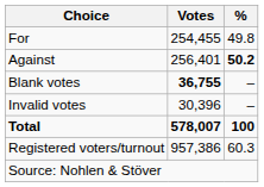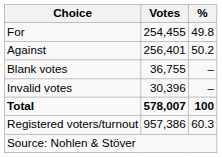 <table class=wikitable style=text-align:right>
 <tr>
 <th>Choice</th>
 <th>Votes</th>
 <th>%</th>
 </tr>
 <tr>
 <td align=left>For</td>
 <td>254,455</td>
 <td>49.8</td>
 </tr>
 <tr>
 <td align=left>Against</td>
 <td>256,401</td>
-<td><strong>50.2</strong></td>
+<td>50.2</td>
 </tr>
 <tr>
 <td align=left>Blank votes</td>
-<td><strong>36,755</strong></td>
+<td>36,755</td>
 <td>–</td>
 </tr>
 <tr>
 <td align=left>Invalid votes</td>
 <td>30,396</td>
 <td>–</td>
 </tr>
 <tr>
 <td align=left><strong>Total</strong></td>
 <td><strong>578,007</strong></td>
 <td><strong>100</strong></td>
 </tr>
 <tr>
 <td align=left>Registered voters/turnout</td>
 <td>957,386</td>
 <td>60.3</td>
 </tr>
 <tr>
 <td align=left colspan=3>Source: Nohlen & Stöver</td>
 </tr>
 </table>
